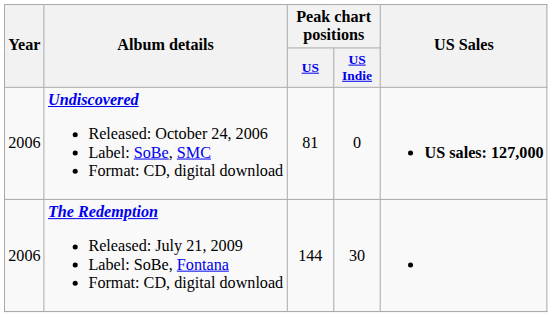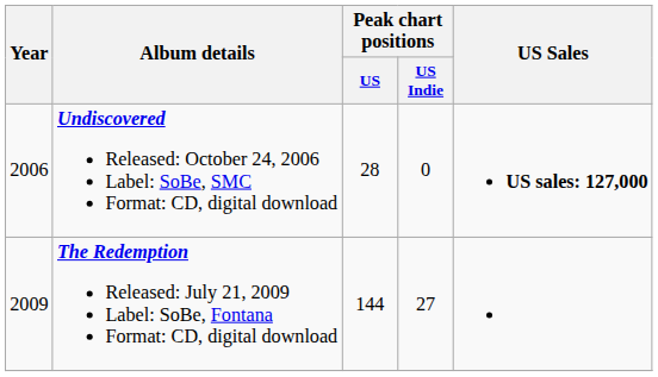 <table class="wikitable" style="text-align:center;">
 <tr>
 <th rowspan="2">Year</th>
 <th rowspan="2">Album details</th>
 <th colspan="2">Peak chart<br>positions</th>
 <th rowspan="2">US Sales</th>
 </tr>
 <tr style="font-size:smaller;">
 <th style="width:40px;"><a href='#'>US</a></th>
 <th style="width:40px;"><a href='#'>US Indie</a></th>
 </tr>
 <tr>
 <td>2006</td>
 <td style="text-align:left;"><strong><em><a href='#'>Undiscovered</a></em></strong><br><ul><li>Released: October 24, 2006</li><li>Label: <a href='#'>SoBe</a>, <a href='#'>SMC</a></li><li>Format: CD, digital download</li></ul></td>
-<td>81</td>
+<td>28</td>
 <td>0</td>
 <td style="text-align:left;"><strong><br><ul><li>US sales: 127,000</li></ul></strong></td>
 </tr>
 <tr>
-<td>2006</td>
+<td>2009</td>
 <td style="text-align:left;"><strong><em><a href='#'>The Redemption</a></em></strong><br><ul><li>Released: July 21, 2009</li><li>Label: SoBe, <a href='#'>Fontana</a></li><li>Format: CD, digital download</li></ul></td>
 <td>144</td>
-<td>30</td>
+<td>27</td>
 <td style="text-align:left;"><br><ul><li></li></ul></td>
 </tr>
 <tr>
 </tr>
 </table>
